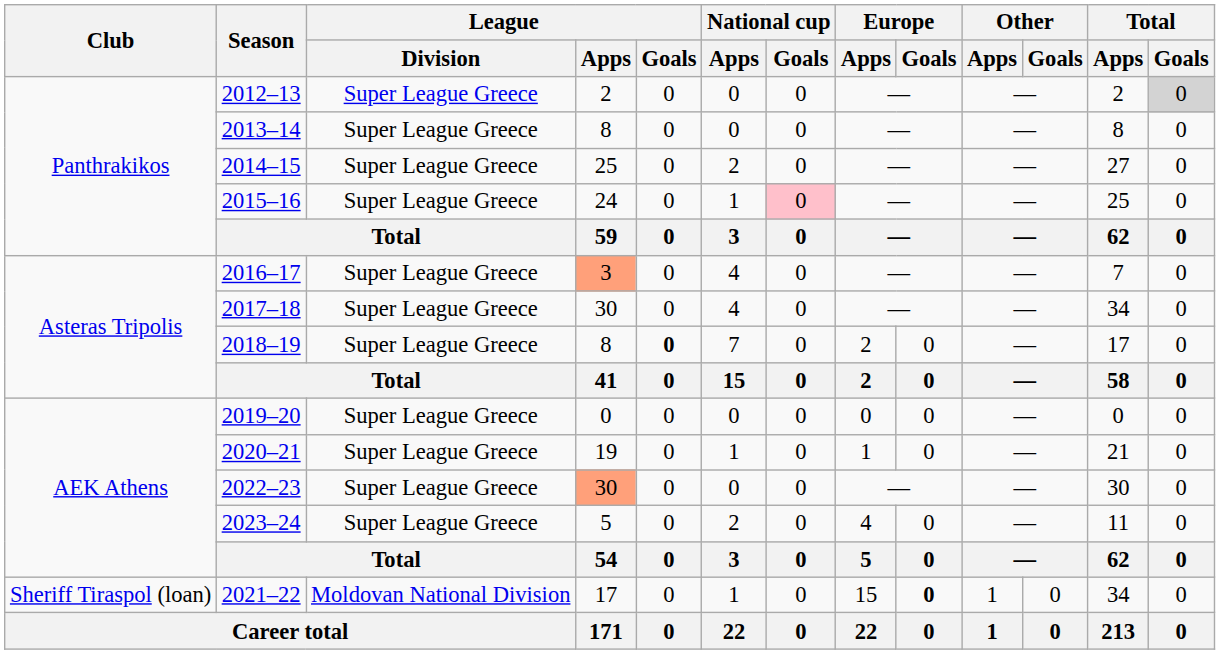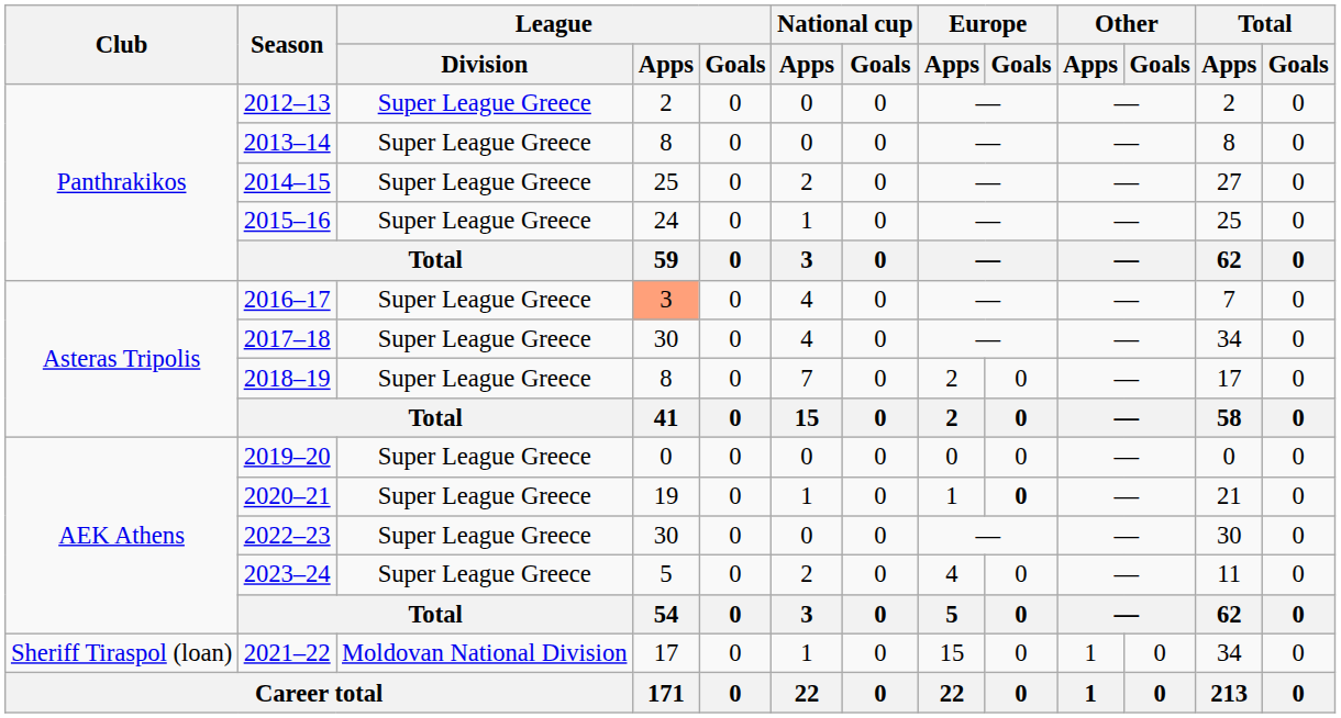 <table class=wikitable style="text-align: center;">
 <tr>
 <th rowspan=2>Club</th>
 <th rowspan=2>Season</th>
 <th colspan=3>League</th>
 <th colspan=2>National cup</th>
 <th colspan=2>Europe</th>
 <th colspan=2>Other</th>
 <th colspan=2>Total</th>
 </tr>
 <tr>
 <th>Division</th>
 <th>Apps</th>
 <th>Goals</th>
 <th>Apps</th>
 <th>Goals</th>
 <th>Apps</th>
 <th>Goals</th>
 <th>Apps</th>
 <th>Goals</th>
 <th>Apps</th>
 <th>Goals</th>
 </tr>
 <tr>
 <td rowspan="5"><a href='#'>Panthrakikos</a></td>
 <td><a href='#'>2012–13</a></td>
 <td><a href='#'>Super League Greece</a></td>
 <td>2</td>
 <td>0</td>
 <td>0</td>
 <td>0</td>
 <td colspan="2">—</td>
 <td colspan="2">—</td>
 <td>2</td>
-<td style="background: lightgrey;">0</td>
+<td>0</td>
 </tr>
 <tr>
 <td><a href='#'>2013–14</a></td>
 <td>Super League Greece</td>
 <td>8</td>
 <td>0</td>
 <td>0</td>
 <td>0</td>
 <td colspan="2">—</td>
 <td colspan="2">—</td>
 <td>8</td>
 <td>0</td>
 </tr>
 <tr>
 <td><a href='#'>2014–15</a></td>
 <td>Super League Greece</td>
 <td>25</td>
 <td>0</td>
 <td>2</td>
 <td>0</td>
 <td colspan="2">—</td>
 <td colspan="2">—</td>
 <td>27</td>
 <td>0</td>
 </tr>
 <tr>
 <td><a href='#'>2015–16</a></td>
 <td>Super League Greece</td>
 <td>24</td>
 <td>0</td>
 <td>1</td>
-<td style="background: pink;">0</td>
+<td>0</td>
 <td colspan="2">—</td>
 <td colspan="2">—</td>
 <td>25</td>
 <td>0</td>
 </tr>
 <tr>
 <th colspan="2">Total</th>
 <th>59</th>
 <th>0</th>
 <th>3</th>
 <th>0</th>
 <th colspan="2">—</th>
 <th colspan="2">—</th>
 <th>62</th>
 <th>0</th>
 </tr>
 <tr>
 <td rowspan="4"><a href='#'>Asteras Tripolis</a></td>
 <td><a href='#'>2016–17</a></td>
 <td>Super League Greece</td>
 <td style="background: lightsalmon;">3</td>
 <td>0</td>
 <td>4</td>
 <td>0</td>
 <td colspan="2">—</td>
 <td colspan="2">—</td>
 <td>7</td>
 <td>0</td>
 </tr>
 <tr>
 <td><a href='#'>2017–18</a></td>
 <td>Super League Greece</td>
 <td>30</td>
 <td>0</td>
 <td>4</td>
 <td>0</td>
 <td colspan="2">—</td>
 <td colspan="2">—</td>
 <td>34</td>
 <td>0</td>
 </tr>
 <tr>
 <td><a href='#'>2018–19</a></td>
 <td>Super League Greece</td>
 <td>8</td>
-<td><strong>0</strong></td>
+<td>0</td>
 <td>7</td>
 <td>0</td>
 <td>2</td>
 <td>0</td>
 <td colspan="2">—</td>
 <td>17</td>
 <td>0</td>
 </tr>
 <tr>
 <th colspan="2">Total</th>
 <th>41</th>
 <th>0</th>
 <th>15</th>
 <th>0</th>
 <th>2</th>
 <th>0</th>
 <th colspan="2">—</th>
 <th>58</th>
 <th>0</th>
 </tr>
 <tr>
 <td rowspan="5"><a href='#'>AEK Athens</a></td>
 <td><a href='#'>2019–20</a></td>
 <td>Super League Greece</td>
 <td>0</td>
 <td>0</td>
 <td>0</td>
 <td>0</td>
 <td>0</td>
 <td>0</td>
 <td colspan="2">—</td>
 <td>0</td>
 <td>0</td>
 </tr>
 <tr>
 <td><a href='#'>2020–21</a></td>
 <td>Super League Greece</td>
 <td>19</td>
 <td>0</td>
 <td>1</td>
 <td>0</td>
 <td>1</td>
-<td>0</td>
+<td><strong>0</strong></td>
 <td colspan="2">—</td>
 <td>21</td>
 <td>0</td>
 </tr>
 <tr>
 <td><a href='#'>2022–23</a></td>
 <td>Super League Greece</td>
-<td style="background: lightsalmon;">30</td>
+<td>30</td>
 <td>0</td>
 <td>0</td>
 <td>0</td>
 <td colspan="2">—</td>
 <td colspan="2">—</td>
 <td>30</td>
 <td>0</td>
 </tr>
 <tr>
 <td><a href='#'>2023–24</a></td>
 <td>Super League Greece</td>
 <td>5</td>
 <td>0</td>
 <td>2</td>
 <td>0</td>
 <td>4</td>
 <td>0</td>
 <td colspan="2">—</td>
 <td>11</td>
 <td>0</td>
 </tr>
 <tr>
 <th colspan="2">Total</th>
 <th>54</th>
 <th>0</th>
 <th>3</th>
 <th>0</th>
 <th>5</th>
 <th>0</th>
 <th colspan="2">—</th>
 <th>62</th>
 <th>0</th>
 </tr>
 <tr>
 <td><a href='#'>Sheriff Tiraspol</a> (loan)</td>
 <td><a href='#'>2021–22</a></td>
 <td><a href='#'>Moldovan National Division</a></td>
 <td>17</td>
 <td>0</td>
 <td>1</td>
 <td>0</td>
 <td>15</td>
-<td><strong>0</strong></td>
+<td>0</td>
 <td>1</td>
 <td>0</td>
 <td>34</td>
 <td>0</td>
 </tr>
 <tr>
 <th colspan=3>Career total</th>
 <th>171</th>
 <th>0</th>
 <th>22</th>
 <th>0</th>
 <th>22</th>
 <th>0</th>
 <th>1</th>
 <th>0</th>
 <th>213</th>
 <th>0</th>
 </tr>
 </table>
